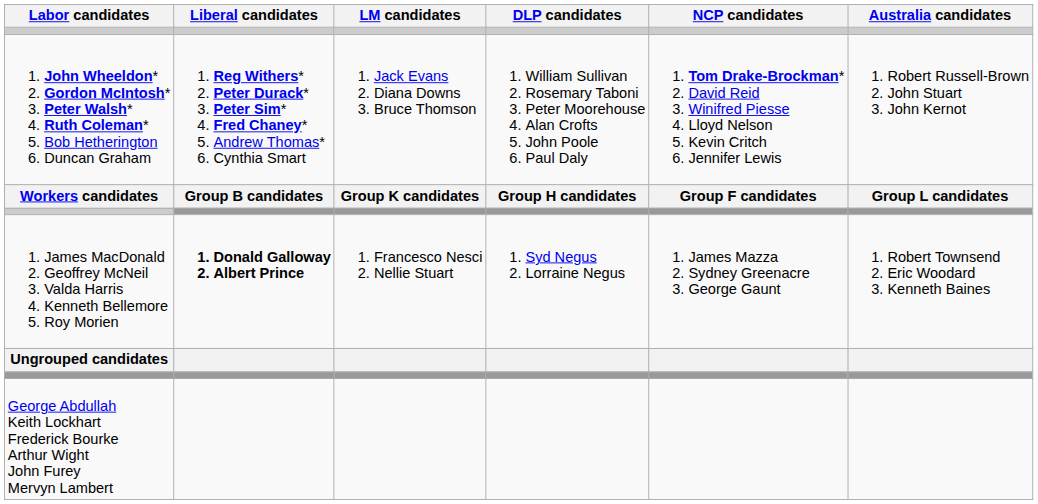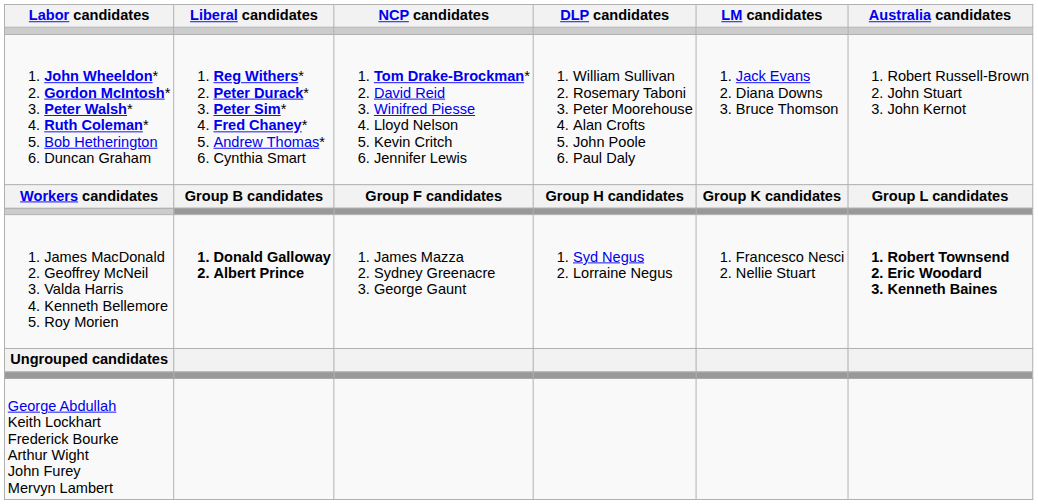 <table class="wikitable">
 <tr>
 <th><a href='#'>Labor</a> candidates</th>
 <th><a href='#'>Liberal</a> candidates</th>
+<th><a href='#'>NCP</a> candidates</th>
+<th><a href='#'>DLP</a> candidates</th>
 <th><a href='#'>LM</a> candidates</th>
-<th><a href='#'>DLP</a> candidates</th>
-<th><a href='#'>NCP</a> candidates</th>
 <th><a href='#'>Australia</a> candidates</th>
 </tr>
 <tr bgcolor="#cccccc">
 <td></td>
 <td></td>
 <td></td>
 <td></td>
 <td></td>
 <td></td>
 </tr>
 <tr>
 <td><br><ol><li><strong><a href='#'>John Wheeldon</a></strong>*</li><li><strong><a href='#'>Gordon McIntosh</a></strong>*</li><li><strong><a href='#'>Peter Walsh</a></strong>*</li><li><strong><a href='#'>Ruth Coleman</a></strong>*</li><li><a href='#'>Bob Hetherington</a></li><li>Duncan Graham</li></ol></td>
 <td><br><ol><li><strong><a href='#'>Reg Withers</a></strong>*</li><li><strong><a href='#'>Peter Durack</a></strong>*</li><li><strong><a href='#'>Peter Sim</a></strong>*</li><li><strong><a href='#'>Fred Chaney</a></strong>*</li><li><a href='#'>Andrew Thomas</a>*</li><li>Cynthia Smart</li></ol></td>
+<td><br><ol><li><strong><a href='#'>Tom Drake-Brockman</a></strong>*</li><li><a href='#'>David Reid</a></li><li><a href='#'>Winifred Piesse</a></li><li>Lloyd Nelson</li><li>Kevin Critch</li><li>Jennifer Lewis</li></ol></td>
+<td valign=top><br><ol><li>William Sullivan</li><li>Rosemary Taboni</li><li>Peter Moorehouse</li><li>Alan Crofts</li><li>John Poole</li><li>Paul Daly</li></ol></td>
 <td valign=top><br><ol><li><a href='#'>Jack Evans</a></li><li>Diana Downs</li><li>Bruce Thomson</li></ol></td>
-<td valign=top><br><ol><li>William Sullivan</li><li>Rosemary Taboni</li><li>Peter Moorehouse</li><li>Alan Crofts</li><li>John Poole</li><li>Paul Daly</li></ol></td>
-<td><br><ol><li><strong><a href='#'>Tom Drake-Brockman</a></strong>*</li><li><a href='#'>David Reid</a></li><li><a href='#'>Winifred Piesse</a></li><li>Lloyd Nelson</li><li>Kevin Critch</li><li>Jennifer Lewis</li></ol></td>
 <td valign=top><br><ol><li>Robert Russell-Brown</li><li>John Stuart</li><li>John Kernot</li></ol></td>
 </tr>
 <tr bgcolor="#cccccc">
 <th><a href='#'>Workers</a> candidates</th>
 <th>Group B candidates</th>
+<th>Group F candidates</th>
+<th>Group H candidates</th>
 <th>Group K candidates</th>
-<th>Group H candidates</th>
-<th>Group F candidates</th>
 <th>Group L candidates</th>
 </tr>
 <tr bgcolor="#cccccc">
 <td></td>
 <td bgcolor="#999999"></td>
 <td bgcolor="#999999"></td>
 <td bgcolor="#999999"></td>
 <td bgcolor="#999999"></td>
 <td bgcolor="#999999"></td>
 </tr>
 <tr>
 <td valign=top><br><ol><li>James MacDonald</li><li>Geoffrey McNeil</li><li>Valda Harris</li><li>Kenneth Bellemore</li><li>Roy Morien</li></ol></td>
 <td valign=top><strong><br><ol><li>Donald Galloway</li><li>Albert Prince</li></ol></strong></td>
+<td valign=top><br><ol><li>James Mazza</li><li>Sydney Greenacre</li><li>George Gaunt</li></ol></td>
+<td valign=top><br><ol><li><a href='#'>Syd Negus</a></li><li>Lorraine Negus</li></ol></td>
 <td valign=top><br><ol><li>Francesco Nesci</li><li>Nellie Stuart</li></ol></td>
-<td valign=top><br><ol><li><a href='#'>Syd Negus</a></li><li>Lorraine Negus</li></ol></td>
-<td valign=top><br><ol><li>James Mazza</li><li>Sydney Greenacre</li><li>George Gaunt</li></ol></td>
-<td valign=top><br><ol><li>Robert Townsend</li><li>Eric Woodard</li><li>Kenneth Baines</li></ol></td>
+<td valign=top><strong><br><ol><li>Robert Townsend</li><li>Eric Woodard</li><li>Kenneth Baines</li></ol></strong></td>
 </tr>
 <tr bgcolor="#cccccc">
 <th>Ungrouped candidates</th>
 <th></th>
 <th></th>
 <th></th>
 <th></th>
 <th></th>
 </tr>
 <tr bgcolor="#cccccc">
 <td bgcolor="#999999"></td>
 <td bgcolor="#999999"></td>
 <td bgcolor="#999999"></td>
 <td bgcolor="#999999"></td>
 <td bgcolor="#999999"></td>
 <td bgcolor="#999999"></td>
 </tr>
 <tr>
 <td valign=top><br><a href='#'>George Abdullah</a><br> Keith Lockhart<br> Frederick Bourke<br> Arthur Wight<br> John Furey<br> Mervyn Lambert</td>
 <td valign=top></td>
 <td valign=top></td>
 <td valign=top></td>
 <td valign=top></td>
 <td valign=top></td>
 </tr>
 </table>
